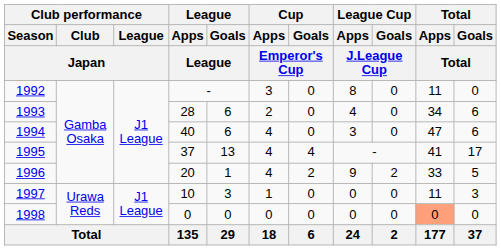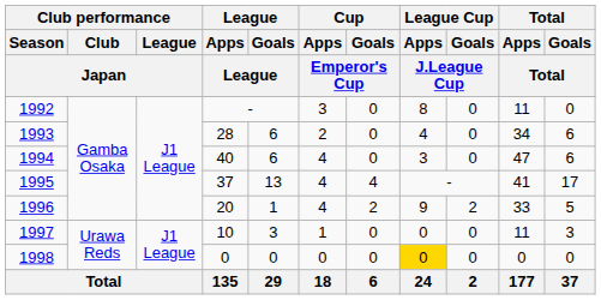 <table class="wikitable" style="text-align:center;">
 <tr>
 <th colspan=3>Club performance</th>
 <th colspan=2>League</th>
 <th colspan=2>Cup</th>
 <th colspan=2>League Cup</th>
 <th colspan=2>Total</th>
 </tr>
 <tr>
 <th>Season</th>
 <th>Club</th>
 <th>League</th>
 <th>Apps</th>
 <th>Goals</th>
 <th>Apps</th>
 <th>Goals</th>
 <th>Apps</th>
 <th>Goals</th>
 <th>Apps</th>
 <th>Goals</th>
 </tr>
 <tr>
 <th colspan=3>Japan</th>
 <th colspan=2>League</th>
 <th colspan=2><a href='#'>Emperor's Cup</a></th>
 <th colspan=2><a href='#'>J.League Cup</a></th>
 <th colspan=2>Total</th>
 </tr>
 <tr>
 <td><a href='#'>1992</a></td>
 <td rowspan="5"><a href='#'>Gamba Osaka</a></td>
 <td rowspan="5"><a href='#'>J1 League</a></td>
 <td colspan="2">-</td>
 <td>3</td>
 <td>0</td>
 <td>8</td>
 <td>0</td>
 <td>11</td>
 <td>0</td>
 </tr>
 <tr>
 <td><a href='#'>1993</a></td>
 <td>28</td>
 <td>6</td>
 <td>2</td>
 <td>0</td>
 <td>4</td>
 <td>0</td>
 <td>34</td>
 <td>6</td>
 </tr>
 <tr>
 <td><a href='#'>1994</a></td>
 <td>40</td>
 <td>6</td>
 <td>4</td>
 <td>0</td>
 <td>3</td>
 <td>0</td>
 <td>47</td>
 <td>6</td>
 </tr>
 <tr>
 <td><a href='#'>1995</a></td>
 <td>37</td>
 <td>13</td>
 <td>4</td>
 <td>4</td>
 <td colspan="2">-</td>
 <td>41</td>
 <td>17</td>
 </tr>
 <tr>
 <td><a href='#'>1996</a></td>
 <td>20</td>
 <td>1</td>
 <td>4</td>
 <td>2</td>
 <td>9</td>
 <td>2</td>
 <td>33</td>
 <td>5</td>
 </tr>
 <tr>
 <td><a href='#'>1997</a></td>
 <td rowspan="2"><a href='#'>Urawa Reds</a></td>
 <td rowspan="2"><a href='#'>J1 League</a></td>
 <td>10</td>
 <td>3</td>
 <td>1</td>
 <td>0</td>
 <td>0</td>
 <td>0</td>
 <td>11</td>
 <td>3</td>
 </tr>
 <tr>
 <td><a href='#'>1998</a></td>
 <td>0</td>
 <td>0</td>
 <td>0</td>
 <td>0</td>
+<td style="background: gold;">0</td>
 <td>0</td>
 <td>0</td>
-<td style="background: lightsalmon;">0</td>
 <td>0</td>
 </tr>
 <tr>
 <th colspan=3>Total</th>
 <th>135</th>
 <th>29</th>
 <th>18</th>
 <th>6</th>
 <th>24</th>
 <th>2</th>
 <th>177</th>
 <th>37</th>
 </tr>
 </table>
